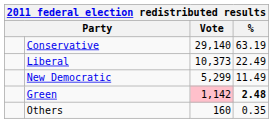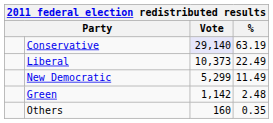 <table class="wikitable">
 <tr>
 <th colspan="4"><a href='#'>2011 federal election</a> redistributed results</th>
 </tr>
 <tr>
 <th bgcolor="#DDDDFF" width="130px" colspan="2">Party</th>
 <th bgcolor="#DDDDFF" width="50px">Vote</th>
 <th bgcolor="#DDDDFF" width="30px">%</th>
 </tr>
 <tr>
 <td> </td>
 <td><a href='#'>Conservative</a></td>
-<td align=right>29,140</td>
+<td align=right style="background: lavender;">29,140</td>
 <td align=right>63.19</td>
 </tr>
 <tr>
 <td> </td>
 <td><a href='#'>Liberal</a></td>
 <td align=right>10,373</td>
 <td align=right>22.49</td>
 </tr>
 <tr>
 <td> </td>
 <td><a href='#'>New Democratic</a></td>
 <td align=right>5,299</td>
 <td align=right>11.49</td>
 </tr>
 <tr>
 <td> </td>
 <td><a href='#'>Green</a></td>
-<td align=right style="background: pink;">1,142</td>
-<td align=right><strong>2.48</strong></td>
+<td align=right>1,142</td>
+<td align=right>2.48</td>
 </tr>
 <tr>
 <td> </td>
 <td>Others</td>
 <td align=right>160</td>
 <td align=right>0.35</td>
 </tr>
 </table>
